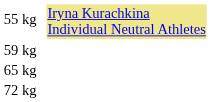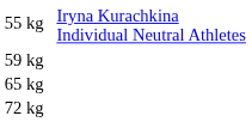 <table>
 <tr>
 <td rowspan=2>55 kg<br></td>
 <td rowspan=2></td>
 <td rowspan=2></td>
 <td></td>
 </tr>
 <tr>
-<td style="background: khaki;"><a href='#'>Iryna Kurachkina</a><br> <a href='#'>Individual Neutral Athletes</a></td>
+<td><a href='#'>Iryna Kurachkina</a><br> <a href='#'>Individual Neutral Athletes</a></td>
 </tr>
 <tr>
 <td rowspan=2>59 kg<br></td>
 <td rowspan=2></td>
 <td rowspan=2></td>
 <td></td>
 </tr>
 <tr>
 <td></td>
 </tr>
 <tr>
 <td rowspan=2>65 kg<br></td>
 <td rowspan=2></td>
 <td rowspan=2></td>
 <td></td>
 </tr>
 <tr>
 <td></td>
 </tr>
 <tr>
 <td rowspan=2>72 kg<br></td>
 <td rowspan=2></td>
 <td rowspan=2></td>
 <td></td>
 </tr>
 <tr>
 <td></td>
 </tr>
 </table>
